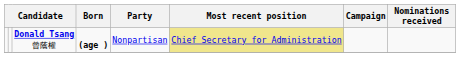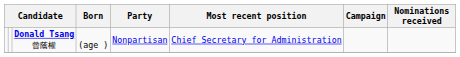 <table class="wikitable sortable" style="text-align:center;">
 <tr>
 <th colspan=3>Candidate</th>
 <th>Born</th>
 <th>Party</th>
 <th>Most recent position</th>
 <th>Campaign</th>
 <th width=100px>Nominations<br>received</th>
 </tr>
 <tr>
 <td bgcolor=></td>
 <td></td>
 <td><strong><a href='#'>Donald Tsang</a></strong><br>曾蔭權</td>
-<td><strong><br>(age )</strong></td>
+<td><br>(age )</td>
 <td><a href='#'>Nonpartisan</a><br></td>
-<td style="background: khaki;"><a href='#'>Chief Secretary for Administration</a><br></td>
+<td><a href='#'>Chief Secretary for Administration</a><br></td>
 <td></td>
 <td></td>
 </tr>
 <tr>
 </tr>
 </table>
